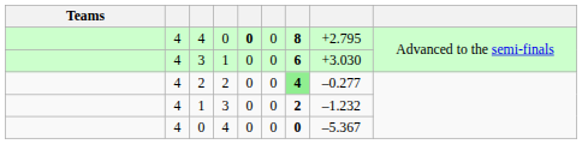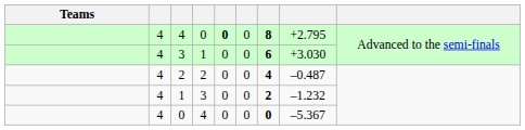 <table class="wikitable" style="text-align:center">
 <tr>
 <th style="width:175px;">Teams</th>
 <th style="width:20px;"></th>
 <th style="width:20px;"></th>
 <th style="width:20px;"></th>
 <th style="width:20px;"></th>
 <th style="width:20px;"></th>
 <th style="width:20px;"></th>
 <th style="width:65px;"></th>
 <th style="width:225px;"></th>
 </tr>
 <tr style="background:#cfc;">
 <td style="text-align:left"></td>
 <td>4</td>
 <td>4</td>
 <td>0</td>
 <td><strong>0</strong></td>
 <td>0</td>
 <td><strong>8</strong></td>
 <td>+2.795</td>
 <td rowspan="2">Advanced to the <a href='#'>semi-finals</a></td>
 </tr>
 <tr style="background:#cfc;">
 <td style="text-align:left"></td>
 <td>4</td>
 <td>3</td>
 <td>1</td>
 <td>0</td>
 <td>0</td>
 <td><strong>6</strong></td>
 <td>+3.030</td>
 </tr>
 <tr>
 <td style="text-align:left"></td>
 <td>4</td>
 <td>2</td>
 <td>2</td>
 <td>0</td>
 <td>0</td>
-<td style="background: lightgreen;"><strong>4</strong></td>
-<td>–0.277</td>
+<td><strong>4</strong></td>
+<td>–0.487</td>
 <td rowspan="3"></td>
 </tr>
 <tr>
 <td style="text-align:left"></td>
 <td>4</td>
 <td>1</td>
 <td>3</td>
 <td>0</td>
 <td>0</td>
 <td><strong>2</strong></td>
 <td>–1.232</td>
 </tr>
 <tr>
 <td style="text-align:left"></td>
 <td>4</td>
 <td>0</td>
 <td>4</td>
 <td>0</td>
 <td>0</td>
 <td><strong>0</strong></td>
 <td>–5.367</td>
 </tr>
 </table>
